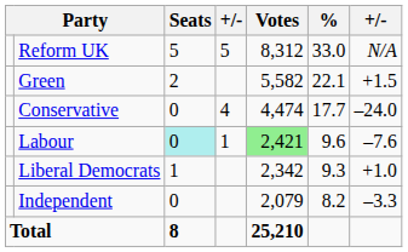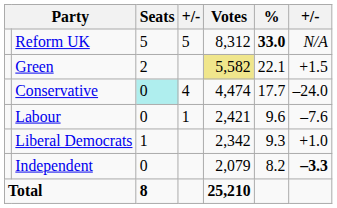 <table class="wikitable sortable">
 <tr>
 <th colspan="2">Party</th>
 <th>Seats</th>
 <th>+/-</th>
 <th>Votes</th>
 <th>%</th>
 <th>+/-</th>
 </tr>
 <tr>
 <td style="background-color: "></td>
 <td><a href='#'>Reform UK</a></td>
 <td>5</td>
 <td> 5</td>
 <td style="text-align:right;">8,312</td>
-<td style="text-align:right;">33.0</td>
+<td style="text-align:right;"><strong>33.0</strong></td>
 <td style="text-align:right;"><em>N/A</em></td>
 </tr>
 <tr>
 <td style="background-color: "></td>
 <td><a href='#'>Green</a></td>
 <td>2</td>
 <td></td>
-<td style="text-align:right;">5,582</td>
+<td style="background: khaki; text-align:right;">5,582</td>
 <td style="text-align:right;">22.1</td>
 <td style="text-align:right;">+1.5</td>
 </tr>
 <tr>
 <td style="background-color: "></td>
 <td><a href='#'>Conservative</a></td>
-<td>0</td>
+<td style="background: paleturquoise;">0</td>
 <td> 4</td>
 <td style="text-align:right;">4,474</td>
 <td style="text-align:right;">17.7</td>
 <td style="text-align:right;">–24.0</td>
 </tr>
 <tr>
 <td style="background-color: "></td>
 <td><a href='#'>Labour</a></td>
-<td style="background: paleturquoise;">0</td>
+<td>0</td>
 <td> 1</td>
-<td style="background: lightgreen; text-align:right;">2,421</td>
+<td style="text-align:right;">2,421</td>
 <td style="text-align:right;">9.6</td>
 <td style="text-align:right;">–7.6</td>
 </tr>
 <tr>
 <td style="background-color: "></td>
 <td><a href='#'>Liberal Democrats</a></td>
 <td>1</td>
 <td></td>
 <td style="text-align:right;">2,342</td>
 <td style="text-align:right;">9.3</td>
 <td style="text-align:right;">+1.0</td>
 </tr>
 <tr>
 <td style="background-color: "></td>
 <td><a href='#'>Independent</a></td>
 <td>0</td>
 <td></td>
 <td style="text-align:right;">2,079</td>
 <td style="text-align:right;">8.2</td>
-<td style="text-align:right;">–3.3</td>
+<td style="text-align:right;"><strong>–3.3</strong></td>
 </tr>
 <tr>
 <td colspan="2"><strong>Total</strong></td>
 <td><strong>8</strong></td>
 <td></td>
 <td style="text-align:right;"><strong>25,210</strong></td>
 <td style="text-align:right;"></td>
 <td style="text-align:right;"></td>
 </tr>
 </table>
